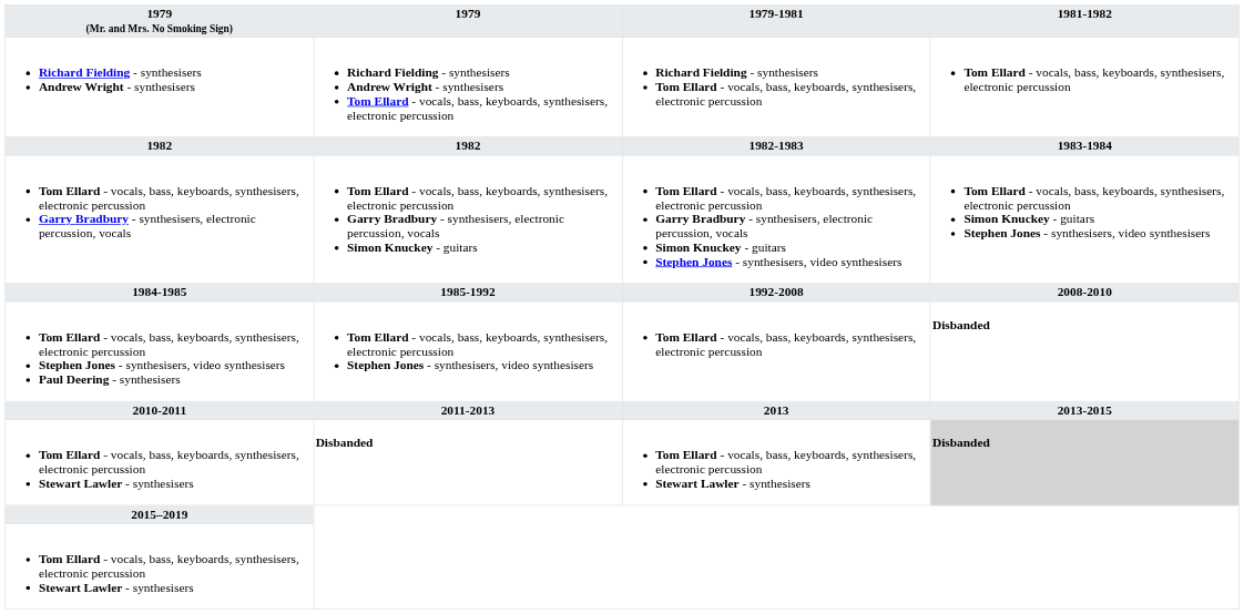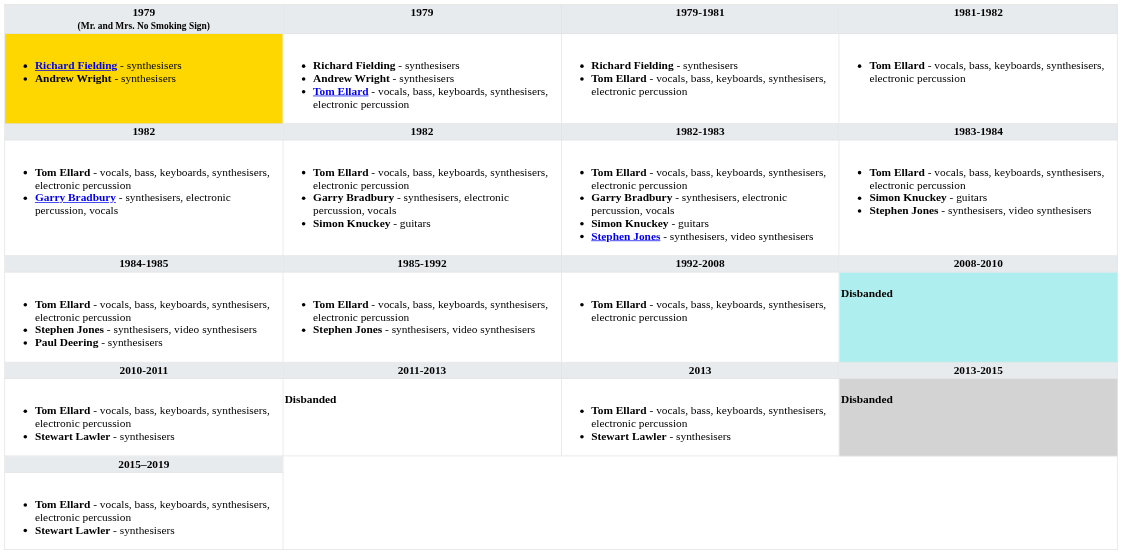 <table class="toccolours" border=1 cellpadding=2 cellspacing=0 style="float: width: 375px; margin: 0 0 1em 1em; border-collapse: collapse; border: 1px solid #E2E2E2;" width=99%>
 <tr>
 <th bgcolor="#E7EBEE" valign=top width=25%>1979<br><small>(Mr. and Mrs. No Smoking Sign)</small></th>
 <th bgcolor="#E7EBEE" valign=top width=25%>1979</th>
 <th bgcolor="#E7EBEE" valign=top width=25%>1979-1981</th>
 <th bgcolor="#E7EBEE" valign=top width=25%>1981-1982</th>
 </tr>
 <tr>
-<td valign=top><br><ul><li><strong><a href='#'>Richard Fielding</a></strong> - synthesisers</li><li><strong>Andrew Wright</strong> - synthesisers</li></ul></td>
+<td valign=top style="background: gold;"><br><ul><li><strong><a href='#'>Richard Fielding</a></strong> - synthesisers</li><li><strong>Andrew Wright</strong> - synthesisers</li></ul></td>
 <td valign=top><br><ul><li><strong>Richard Fielding</strong> - synthesisers</li><li><strong>Andrew Wright</strong> - synthesisers</li><li><strong><a href='#'>Tom Ellard</a></strong> - vocals, bass, keyboards, synthesisers, electronic percussion</li></ul></td>
 <td valign=top><br><ul><li><strong>Richard Fielding</strong> - synthesisers</li><li><strong>Tom Ellard</strong> - vocals, bass, keyboards, synthesisers, electronic percussion</li></ul></td>
 <td valign=top><br><ul><li><strong>Tom Ellard</strong> - vocals, bass, keyboards, synthesisers, electronic percussion</li></ul></td>
 </tr>
 <tr>
 <th bgcolor="#E7EBEE" valign=top width=25%>1982</th>
 <th bgcolor="#E7EBEE" valign=top width=25%>1982</th>
 <th bgcolor="#E7EBEE" valign=top width=25%>1982-1983</th>
 <th bgcolor="#E7EBEE" valign=top width=25%>1983-1984</th>
 </tr>
 <tr>
 <td valign=top><br><ul><li><strong>Tom Ellard</strong> - vocals, bass, keyboards, synthesisers, electronic percussion</li><li><strong><a href='#'>Garry Bradbury</a></strong> - synthesisers, electronic percussion, vocals</li></ul></td>
 <td valign=top><br><ul><li><strong>Tom Ellard</strong> - vocals, bass, keyboards, synthesisers, electronic percussion</li><li><strong>Garry Bradbury</strong> - synthesisers, electronic percussion, vocals</li><li><strong>Simon Knuckey</strong> - guitars</li></ul></td>
 <td valign=top><br><ul><li><strong>Tom Ellard</strong> - vocals, bass, keyboards, synthesisers, electronic percussion</li><li><strong>Garry Bradbury</strong> - synthesisers, electronic percussion, vocals</li><li><strong>Simon Knuckey</strong> - guitars</li><li><strong><a href='#'>Stephen Jones</a></strong> - synthesisers, video synthesisers</li></ul></td>
 <td valign=top><br><ul><li><strong>Tom Ellard</strong> - vocals, bass, keyboards, synthesisers, electronic percussion</li><li><strong>Simon Knuckey</strong> - guitars</li><li><strong>Stephen Jones</strong> - synthesisers, video synthesisers</li></ul></td>
 </tr>
 <tr>
 <th bgcolor="#E7EBEE" valign=top width=25%>1984-1985</th>
 <th bgcolor="#E7EBEE" valign=top width=25%>1985-1992</th>
 <th bgcolor="#E7EBEE" valign=top width=25%>1992-2008</th>
 <th bgcolor="#E7EBEE" valign=top width=25%>2008-2010</th>
 </tr>
 <tr>
 <td valign=top><br><ul><li><strong>Tom Ellard</strong> - vocals, bass, keyboards, synthesisers, electronic percussion</li><li><strong>Stephen Jones</strong> - synthesisers, video synthesisers</li><li><strong>Paul Deering</strong> - synthesisers</li></ul></td>
 <td valign=top><br><ul><li><strong>Tom Ellard</strong> - vocals, bass, keyboards, synthesisers, electronic percussion</li><li><strong>Stephen Jones</strong> - synthesisers, video synthesisers</li></ul></td>
 <td valign=top><br><ul><li><strong>Tom Ellard</strong> - vocals, bass, keyboards, synthesisers, electronic percussion</li></ul></td>
-<td valign=top><br><strong>Disbanded</strong></td>
+<td valign=top style="background: paleturquoise;"><br><strong>Disbanded</strong></td>
 </tr>
 <tr>
 <th bgcolor="#E7EBEE" valign=top width=25%>2010-2011</th>
 <th bgcolor="#E7EBEE" valign=top width=25%>2011-2013</th>
 <th bgcolor="#E7EBEE" valign=top width=25%>2013</th>
 <th bgcolor="#E7EBEE" valign=top width=25%>2013-2015</th>
 </tr>
 <tr>
 <td valign=top><br><ul><li><strong>Tom Ellard</strong> - vocals, bass, keyboards, synthesisers, electronic percussion</li><li><strong>Stewart Lawler</strong> - synthesisers</li></ul></td>
 <td valign=top><br><strong>Disbanded</strong></td>
 <td valign=top><br><ul><li><strong>Tom Ellard</strong> - vocals, bass, keyboards, synthesisers, electronic percussion</li><li><strong>Stewart Lawler</strong> - synthesisers</li></ul></td>
 <td valign=top style="background: lightgrey;"><br><strong>Disbanded</strong></td>
 </tr>
 <tr>
 <th bgcolor="#E7EBEE" valign=top width=25%>2015–2019</th>
 </tr>
 <tr>
 <td valign=top><br><ul><li><strong>Tom Ellard</strong> - vocals, bass, keyboards, synthesisers, electronic percussion</li><li><strong>Stewart Lawler</strong> - synthesisers</li></ul></td>
 </tr>
 </table>
